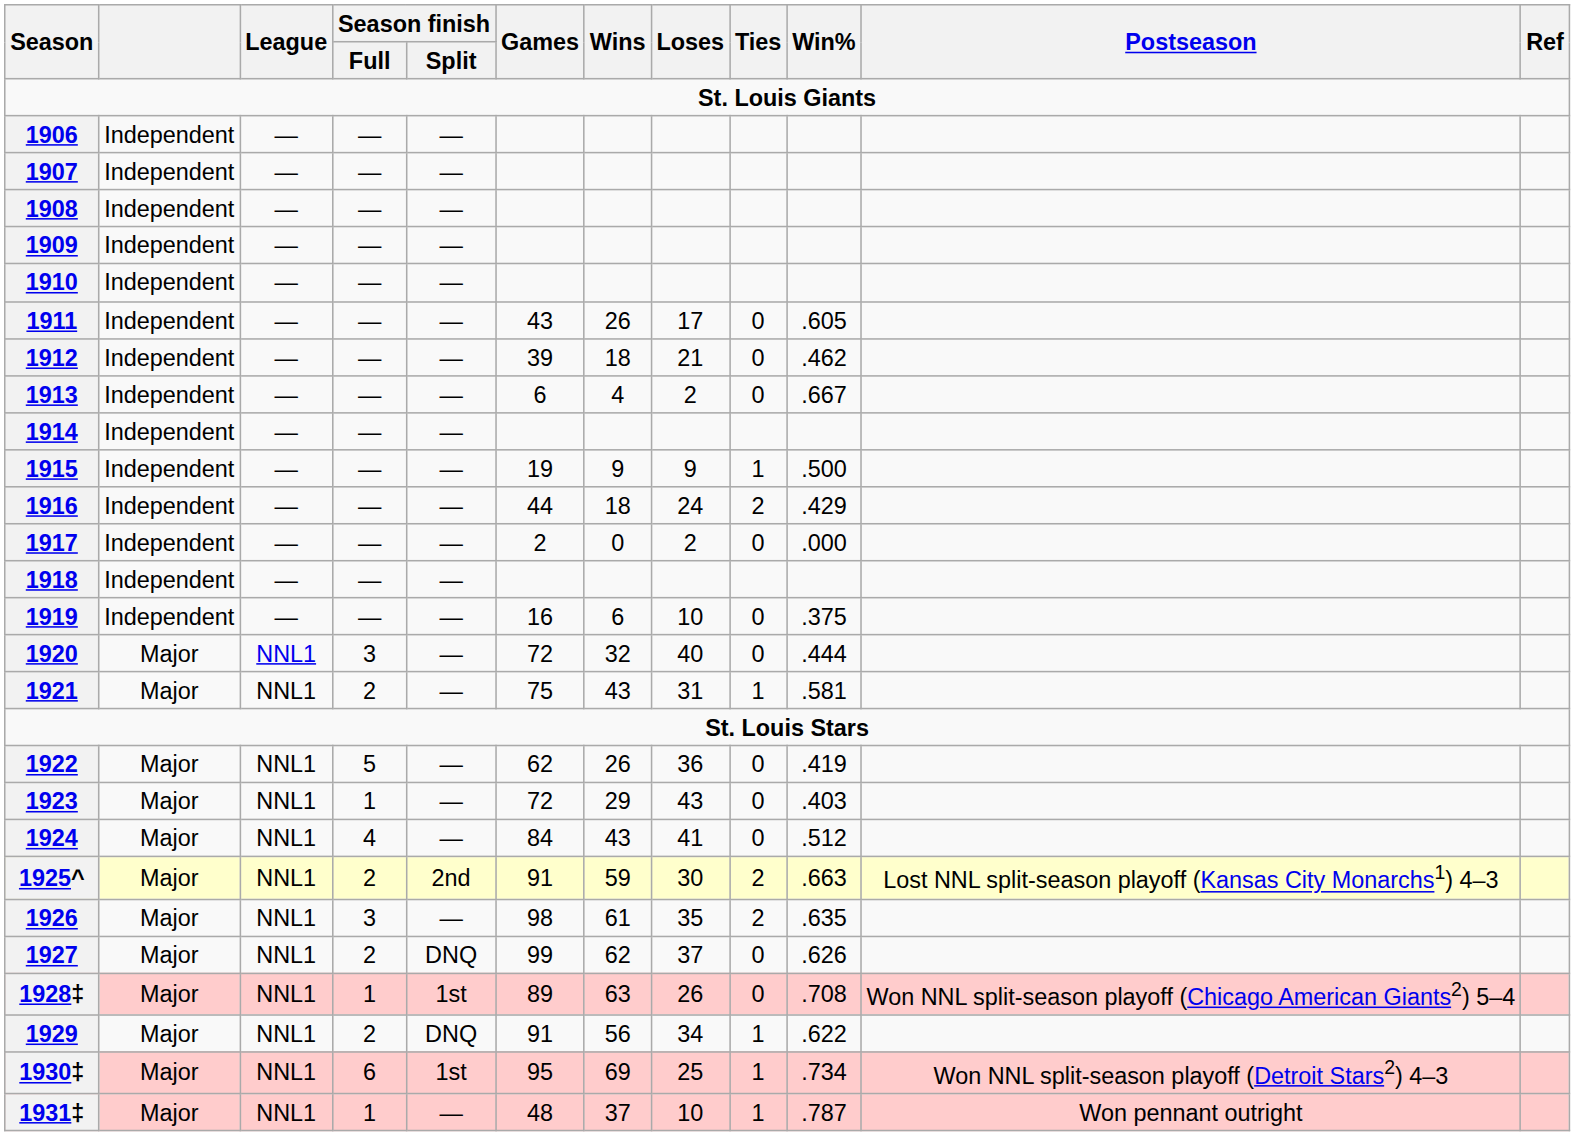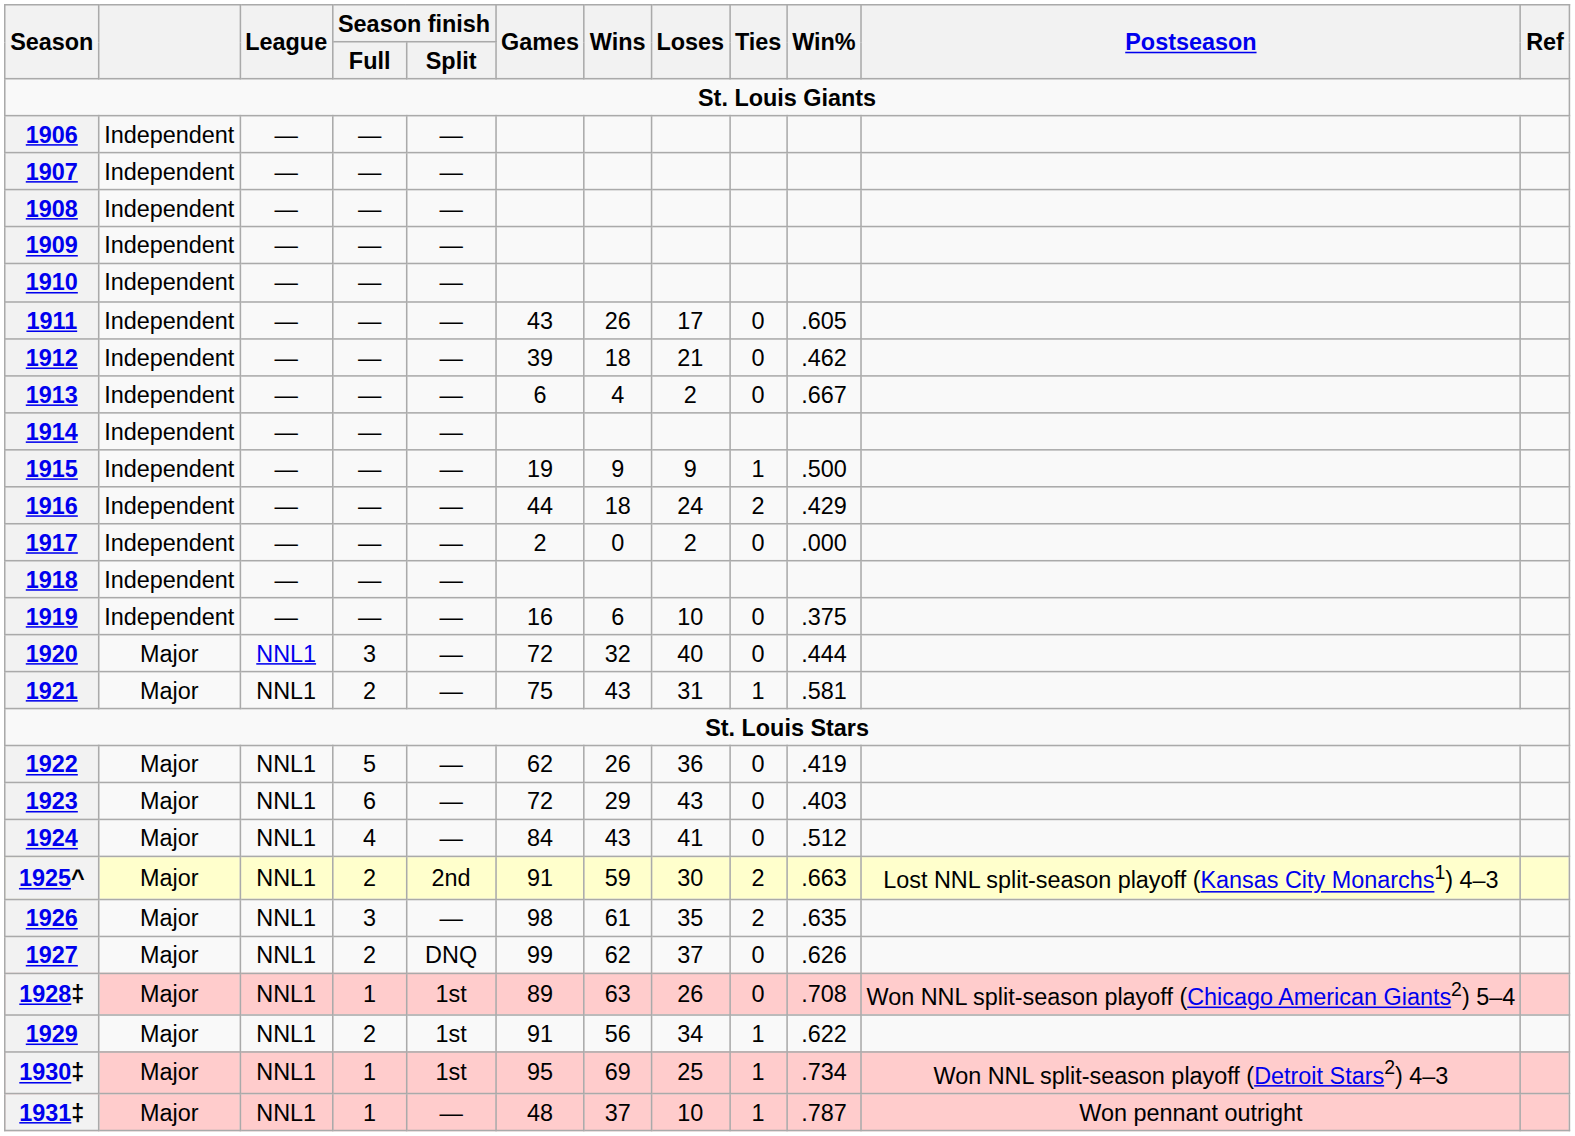 <table class="wikitable sortable" style="text-align:center; font-size:95%">
 <tr>
 <th rowspan="2">Season</th>
 <th rowspan="2"></th>
 <th rowspan="2">League</th>
 <th colspan="2">Season finish</th>
 <th rowspan="2">Games</th>
 <th rowspan="2">Wins</th>
 <th rowspan="2">Loses</th>
 <th rowspan="2">Ties</th>
 <th rowspan="2">Win%</th>
 <th rowspan="2"><a href='#'>Postseason</a></th>
 <th rowspan="2">Ref</th>
 </tr>
 <tr>
 <th>Full</th>
 <th>Split</th>
 </tr>
 <tr>
 <td align="center" colspan="12"><strong>St. Louis Giants</strong></td>
 </tr>
 <tr>
 <th scope="row"><a href='#'>1906</a></th>
 <td align="center">Independent</td>
 <td>—</td>
 <td>—</td>
 <td>—</td>
 <td></td>
 <td></td>
 <td></td>
 <td></td>
 <td></td>
 <td></td>
 <td></td>
 </tr>
 <tr>
 <th scope="row"><a href='#'>1907</a></th>
 <td>Independent</td>
 <td>—</td>
 <td>—</td>
 <td>—</td>
 <td></td>
 <td></td>
 <td></td>
 <td></td>
 <td></td>
 <td></td>
 <td></td>
 </tr>
 <tr>
 <th scope="row"><a href='#'>1908</a></th>
 <td>Independent</td>
 <td>—</td>
 <td>—</td>
 <td>—</td>
 <td></td>
 <td></td>
 <td></td>
 <td></td>
 <td></td>
 <td></td>
 <td></td>
 </tr>
 <tr>
 <th scope="row"><a href='#'>1909</a></th>
 <td>Independent</td>
 <td>—</td>
 <td>—</td>
 <td>—</td>
 <td></td>
 <td></td>
 <td></td>
 <td></td>
 <td></td>
 <td></td>
 <td></td>
 </tr>
 <tr>
 <th scope="row"><a href='#'>1910</a></th>
 <td>Independent</td>
 <td>—</td>
 <td>—</td>
 <td>—</td>
 <td></td>
 <td></td>
 <td></td>
 <td></td>
 <td></td>
 <td></td>
 <td></td>
 </tr>
 <tr>
 <th scope="row"><a href='#'>1911</a></th>
 <td>Independent</td>
 <td>—</td>
 <td>—</td>
 <td>—</td>
 <td>43</td>
 <td>26</td>
 <td>17</td>
 <td>0</td>
 <td>.605</td>
 <td></td>
 <td></td>
 </tr>
 <tr>
 <th scope="row"><a href='#'>1912</a></th>
 <td>Independent</td>
 <td>—</td>
 <td>—</td>
 <td>—</td>
 <td>39</td>
 <td>18</td>
 <td>21</td>
 <td>0</td>
 <td>.462</td>
 <td></td>
 <td></td>
 </tr>
 <tr>
 <th scope="row"><a href='#'>1913</a></th>
 <td>Independent</td>
 <td>—</td>
 <td>—</td>
 <td>—</td>
 <td>6</td>
 <td>4</td>
 <td>2</td>
 <td>0</td>
 <td>.667</td>
 <td></td>
 <td></td>
 </tr>
 <tr>
 <th scope="row"><a href='#'>1914</a></th>
 <td>Independent</td>
 <td>—</td>
 <td>—</td>
 <td>—</td>
 <td></td>
 <td></td>
 <td></td>
 <td></td>
 <td></td>
 <td></td>
 <td></td>
 </tr>
 <tr>
 <th scope="row"><a href='#'>1915</a></th>
 <td>Independent</td>
 <td>—</td>
 <td>—</td>
 <td>—</td>
 <td>19</td>
 <td>9</td>
 <td>9</td>
 <td>1</td>
 <td>.500</td>
 <td></td>
 <td></td>
 </tr>
 <tr>
 <th scope="row"><a href='#'>1916</a></th>
 <td>Independent</td>
 <td>—</td>
 <td>—</td>
 <td>—</td>
 <td>44</td>
 <td>18</td>
 <td>24</td>
 <td>2</td>
 <td>.429</td>
 <td></td>
 <td></td>
 </tr>
 <tr>
 <th scope="row"><a href='#'>1917</a></th>
 <td>Independent</td>
 <td>—</td>
 <td>—</td>
 <td>—</td>
 <td>2</td>
 <td>0</td>
 <td>2</td>
 <td>0</td>
 <td>.000</td>
 <td></td>
 <td></td>
 </tr>
 <tr>
 <th scope="row"><a href='#'>1918</a></th>
 <td>Independent</td>
 <td>—</td>
 <td>—</td>
 <td>—</td>
 <td></td>
 <td></td>
 <td></td>
 <td></td>
 <td></td>
 <td></td>
 <td></td>
 </tr>
 <tr>
 <th scope="row"><a href='#'>1919</a></th>
 <td>Independent</td>
 <td>—</td>
 <td>—</td>
 <td>—</td>
 <td>16</td>
 <td>6</td>
 <td>10</td>
 <td>0</td>
 <td>.375</td>
 <td></td>
 <td></td>
 </tr>
 <tr>
 <th scope="row"><a href='#'>1920</a></th>
 <td>Major</td>
 <td><a href='#'>NNL1</a></td>
 <td>3</td>
 <td>—</td>
 <td>72</td>
 <td>32</td>
 <td>40</td>
 <td>0</td>
 <td>.444</td>
 <td></td>
 <td></td>
 </tr>
 <tr>
 <th scope="row"><a href='#'>1921</a></th>
 <td>Major</td>
 <td>NNL1</td>
 <td>2</td>
 <td>—</td>
 <td>75</td>
 <td>43</td>
 <td>31</td>
 <td>1</td>
 <td>.581</td>
 <td></td>
 <td></td>
 </tr>
 <tr>
 <td align="center" colspan="12"><strong>St. Louis Stars</strong></td>
 </tr>
 <tr>
 <th scope="row"><a href='#'>1922</a></th>
 <td>Major</td>
 <td>NNL1</td>
 <td>5</td>
 <td>—</td>
 <td>62</td>
 <td>26</td>
 <td>36</td>
 <td>0</td>
 <td>.419</td>
 <td></td>
 <td></td>
 </tr>
 <tr>
 <th scope="row"><a href='#'>1923</a></th>
 <td>Major</td>
 <td>NNL1</td>
-<td>1</td>
+<td>6</td>
 <td>—</td>
 <td>72</td>
 <td>29</td>
 <td>43</td>
 <td>0</td>
 <td>.403</td>
 <td></td>
 <td></td>
 </tr>
 <tr>
 <th scope="row"><a href='#'>1924</a></th>
 <td>Major</td>
 <td>NNL1</td>
 <td>4</td>
 <td>—</td>
 <td>84</td>
 <td>43</td>
 <td>41</td>
 <td>0</td>
 <td>.512</td>
 <td></td>
 <td></td>
 </tr>
 <tr bgcolor="#FFFFCC">
 <th scope="row"><a href='#'>1925</a>^</th>
 <td>Major</td>
 <td>NNL1</td>
 <td>2</td>
 <td>2nd</td>
 <td>91</td>
 <td>59</td>
 <td>30</td>
 <td>2</td>
 <td>.663</td>
 <td>Lost NNL split-season playoff (<a href='#'>Kansas City Monarchs</a><sup>1</sup>) 4–3</td>
 <td></td>
 </tr>
 <tr>
 <th scope="row"><a href='#'>1926</a></th>
 <td>Major</td>
 <td>NNL1</td>
 <td>3</td>
 <td>—</td>
 <td>98</td>
 <td>61</td>
 <td>35</td>
 <td>2</td>
 <td>.635</td>
 <td></td>
 <td></td>
 </tr>
 <tr>
 <th scope="row"><a href='#'>1927</a></th>
 <td>Major</td>
 <td>NNL1</td>
 <td>2</td>
 <td>DNQ</td>
 <td>99</td>
 <td>62</td>
 <td>37</td>
 <td>0</td>
 <td>.626</td>
 <td></td>
 <td></td>
 </tr>
 <tr bgcolor="#FFCCCC">
 <th scope="row"><a href='#'>1928</a>‡</th>
 <td>Major</td>
 <td>NNL1</td>
 <td>1</td>
 <td>1st</td>
 <td>89</td>
 <td>63</td>
 <td>26</td>
 <td>0</td>
 <td>.708</td>
 <td>Won NNL split-season playoff (<a href='#'>Chicago American Giants</a><sup>2</sup>) 5–4</td>
 <td></td>
 </tr>
 <tr>
 <th scope="row"><a href='#'>1929</a></th>
 <td>Major</td>
 <td>NNL1</td>
 <td>2</td>
-<td>DNQ</td>
+<td>1st</td>
 <td>91</td>
 <td>56</td>
 <td>34</td>
 <td>1</td>
 <td>.622</td>
 <td></td>
 <td></td>
 </tr>
 <tr bgcolor="#FFCCCC">
 <th scope="row"><a href='#'>1930</a>‡</th>
 <td>Major</td>
 <td>NNL1</td>
-<td>6</td>
+<td>1</td>
 <td>1st</td>
 <td>95</td>
 <td>69</td>
 <td>25</td>
 <td>1</td>
 <td>.734</td>
 <td>Won NNL split-season playoff (<a href='#'>Detroit Stars</a><sup>2</sup>) 4–3</td>
 <td></td>
 </tr>
 <tr bgcolor="#FFCCCC">
 <th scope="row"><a href='#'>1931</a>‡</th>
 <td>Major</td>
 <td>NNL1</td>
 <td>1</td>
 <td>—</td>
 <td>48</td>
 <td>37</td>
 <td>10</td>
 <td>1</td>
 <td>.787</td>
 <td>Won pennant outright</td>
 <td></td>
 </tr>
 </table>
